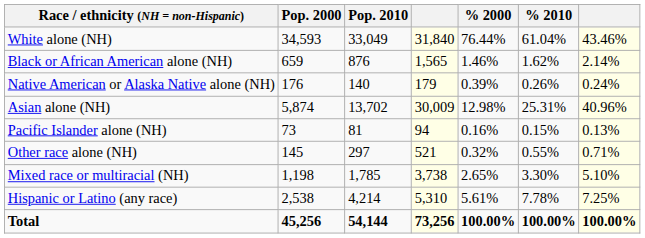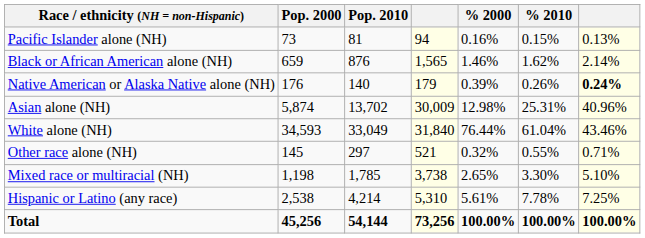 <table class="wikitable">
 <tr>
 <th>Race / ethnicity <small>(<em>NH = non-Hispanic</em>)</small></th>
 <th>Pop. 2000</th>
 <th>Pop. 2010</th>
 <th></th>
 <th>% 2000</th>
 <th>% 2010</th>
 <th></th>
 </tr>
 <tr>
-<td><a href='#'>White</a> alone (NH)</td>
-<td>34,593</td>
-<td>33,049</td>
-<td style='background: #ffffe6;'>31,840</td>
-<td>76.44%</td>
-<td>61.04%</td>
-<td style='background: #ffffe6;'>43.46%</td>
+<td><a href='#'>Pacific Islander</a> alone (NH)</td>
+<td>73</td>
+<td>81</td>
+<td style='background: #ffffe6;'>94</td>
+<td>0.16%</td>
+<td>0.15%</td>
+<td style='background: #ffffe6;'>0.13%</td>
 </tr>
 <tr>
 <td><a href='#'>Black or African American</a> alone (NH)</td>
 <td>659</td>
 <td>876</td>
 <td style='background: #ffffe6;'>1,565</td>
 <td>1.46%</td>
 <td>1.62%</td>
 <td style='background: #ffffe6;'>2.14%</td>
 </tr>
 <tr>
 <td><a href='#'>Native American</a> or <a href='#'>Alaska Native</a> alone (NH)</td>
 <td>176</td>
 <td>140</td>
 <td style='background: #ffffe6;'>179</td>
 <td>0.39%</td>
 <td>0.26%</td>
-<td style='background: #ffffe6;'>0.24%</td>
+<td style='background: #ffffe6;'><strong>0.24%</strong></td>
 </tr>
 <tr>
 <td><a href='#'>Asian</a> alone (NH)</td>
 <td>5,874</td>
 <td>13,702</td>
 <td style='background: #ffffe6;'>30,009</td>
 <td>12.98%</td>
 <td>25.31%</td>
 <td style='background: #ffffe6;'>40.96%</td>
 </tr>
 <tr>
-<td><a href='#'>Pacific Islander</a> alone (NH)</td>
-<td>73</td>
-<td>81</td>
-<td style='background: #ffffe6;'>94</td>
-<td>0.16%</td>
-<td>0.15%</td>
-<td style='background: #ffffe6;'>0.13%</td>
+<td><a href='#'>White</a> alone (NH)</td>
+<td>34,593</td>
+<td>33,049</td>
+<td style='background: #ffffe6;'>31,840</td>
+<td>76.44%</td>
+<td>61.04%</td>
+<td style='background: #ffffe6;'>43.46%</td>
 </tr>
 <tr>
 <td><a href='#'>Other race</a> alone (NH)</td>
 <td>145</td>
 <td>297</td>
 <td style='background: #ffffe6;'>521</td>
 <td>0.32%</td>
 <td>0.55%</td>
 <td style='background: #ffffe6;'>0.71%</td>
 </tr>
 <tr>
 <td><a href='#'>Mixed race or multiracial</a> (NH)</td>
 <td>1,198</td>
 <td>1,785</td>
 <td style='background: #ffffe6;'>3,738</td>
 <td>2.65%</td>
 <td>3.30%</td>
 <td style='background: #ffffe6;'>5.10%</td>
 </tr>
 <tr>
 <td><a href='#'>Hispanic or Latino</a> (any race)</td>
 <td>2,538</td>
 <td>4,214</td>
 <td style='background: #ffffe6;'>5,310</td>
 <td>5.61%</td>
 <td>7.78%</td>
 <td style='background: #ffffe6;'>7.25%</td>
 </tr>
 <tr>
 <td><strong>Total</strong></td>
 <td><strong>45,256</strong></td>
 <td><strong>54,144</strong></td>
 <td style='background: #ffffe6;'><strong>73,256</strong></td>
 <td><strong>100.00%</strong></td>
 <td><strong>100.00%</strong></td>
 <td style='background: #ffffe6;'><strong>100.00%</strong></td>
 </tr>
 </table>
